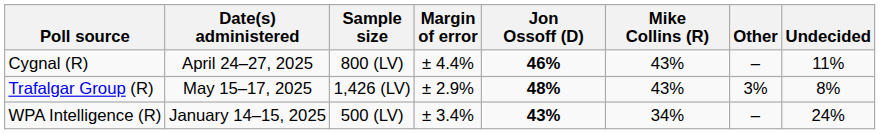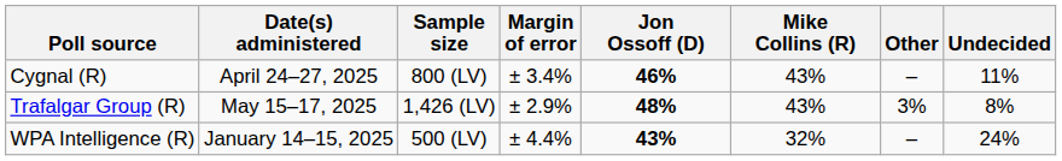 <table class="wikitable" style="font-size:90%;text-align:center;">
 <tr valign=bottom>
 <th>Poll source</th>
 <th>Date(s)<br>administered</th>
 <th>Sample<br>size</th>
 <th>Margin<br>of error</th>
 <th style="width:100px;">Jon<br>Ossoff (D)</th>
 <th style="width:100px;">Mike<br>Collins (R)</th>
 <th>Other</th>
 <th>Undecided</th>
 </tr>
 <tr>
 <td style="text-align:left;">Cygnal (R)</td>
 <td>April 24–27, 2025</td>
 <td>800 (LV)</td>
-<td>± 4.4%</td>
+<td>± 3.4%</td>
 <td style="background-color:"><strong>46%</strong></td>
 <td>43%</td>
 <td>–</td>
 <td>11%</td>
 </tr>
 <tr>
 <td style="text-align:left;"><a href='#'>Trafalgar Group</a> (R)</td>
 <td>May 15–17, 2025</td>
 <td>1,426 (LV)</td>
 <td>± 2.9%</td>
 <td style="background-color:"><strong>48%</strong></td>
 <td>43%</td>
 <td>3%</td>
 <td>8%</td>
 </tr>
 <tr>
 <td style="text-align:left;">WPA Intelligence (R)</td>
 <td>January 14–15, 2025</td>
 <td>500 (LV)</td>
-<td>± 3.4%</td>
+<td>± 4.4%</td>
 <td style="background-color:"><strong>43%</strong></td>
-<td>34%</td>
+<td>32%</td>
 <td>–</td>
 <td>24%</td>
 </tr>
 </table>
